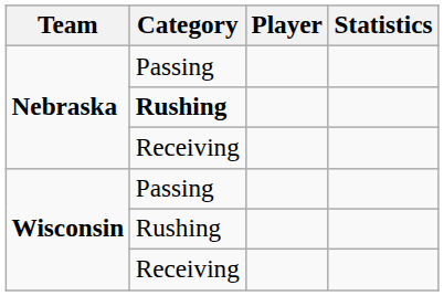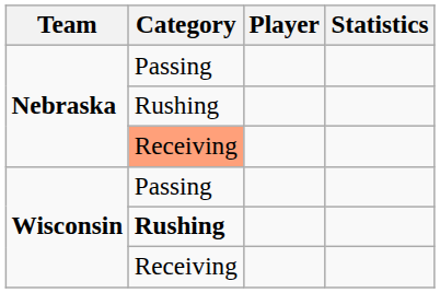 <table class="wikitable" style="float: right;">
 <tr>
 <th>Team</th>
 <th>Category</th>
 <th>Player</th>
 <th>Statistics</th>
 </tr>
 <tr>
 <td rowspan=3><strong>Nebraska</strong></td>
 <td>Passing</td>
 <td></td>
 <td></td>
 </tr>
 <tr>
-<td><strong>Rushing</strong></td>
+<td>Rushing</td>
 <td></td>
 <td></td>
 </tr>
 <tr>
-<td>Receiving</td>
+<td style="background: lightsalmon;">Receiving</td>
 <td></td>
 <td></td>
 </tr>
 <tr>
 <td rowspan=3><strong>Wisconsin</strong></td>
 <td>Passing</td>
 <td></td>
 <td></td>
 </tr>
 <tr>
-<td>Rushing</td>
+<td><strong>Rushing</strong></td>
 <td></td>
 <td></td>
 </tr>
 <tr>
 <td>Receiving</td>
 <td></td>
 <td></td>
 </tr>
 </table>
